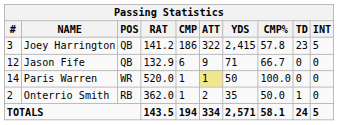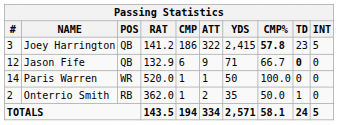 <table class="wikitable sortable collapsible collapsed">
 <tr>
 <th colspan="10">Passing Statistics</th>
 </tr>
 <tr>
 <th>#</th>
 <th>NAME</th>
 <th>POS</th>
 <th>RAT</th>
 <th>CMP</th>
 <th>ATT</th>
 <th>YDS</th>
 <th>CMP%</th>
 <th>TD</th>
 <th>INT</th>
 </tr>
 <tr>
 <td>3</td>
 <td>Joey Harrington</td>
 <td>QB</td>
 <td>141.2</td>
 <td>186</td>
 <td>322</td>
 <td>2,415</td>
-<td>57.8</td>
+<td><strong>57.8</strong></td>
 <td>23</td>
 <td>5</td>
 </tr>
 <tr>
 <td>12</td>
 <td>Jason Fife</td>
 <td>QB</td>
 <td>132.9</td>
 <td>6</td>
 <td>9</td>
 <td>71</td>
 <td>66.7</td>
-<td>0</td>
+<td><strong>0</strong></td>
 <td>0</td>
 </tr>
 <tr>
 <td>14</td>
 <td>Paris Warren</td>
 <td>WR</td>
 <td>520.0</td>
 <td>1</td>
-<td style="background: khaki;">1</td>
+<td>1</td>
 <td>50</td>
 <td>100.0</td>
 <td>0</td>
 <td>0</td>
 </tr>
 <tr>
 <td>2</td>
 <td>Onterrio Smith</td>
 <td>RB</td>
 <td>362.0</td>
 <td>1</td>
 <td>2</td>
 <td>35</td>
 <td>50.0</td>
 <td>1</td>
 <td>0</td>
 </tr>
 <tr>
 <td colspan=3><strong>TOTALS</strong></td>
 <td><strong>143.5</strong></td>
 <td><strong>194</strong></td>
 <td><strong>334</strong></td>
 <td><strong>2,571</strong></td>
 <td><strong>58.1</strong></td>
 <td><strong>24</strong></td>
 <td><strong>5</strong></td>
 </tr>
 </table>
